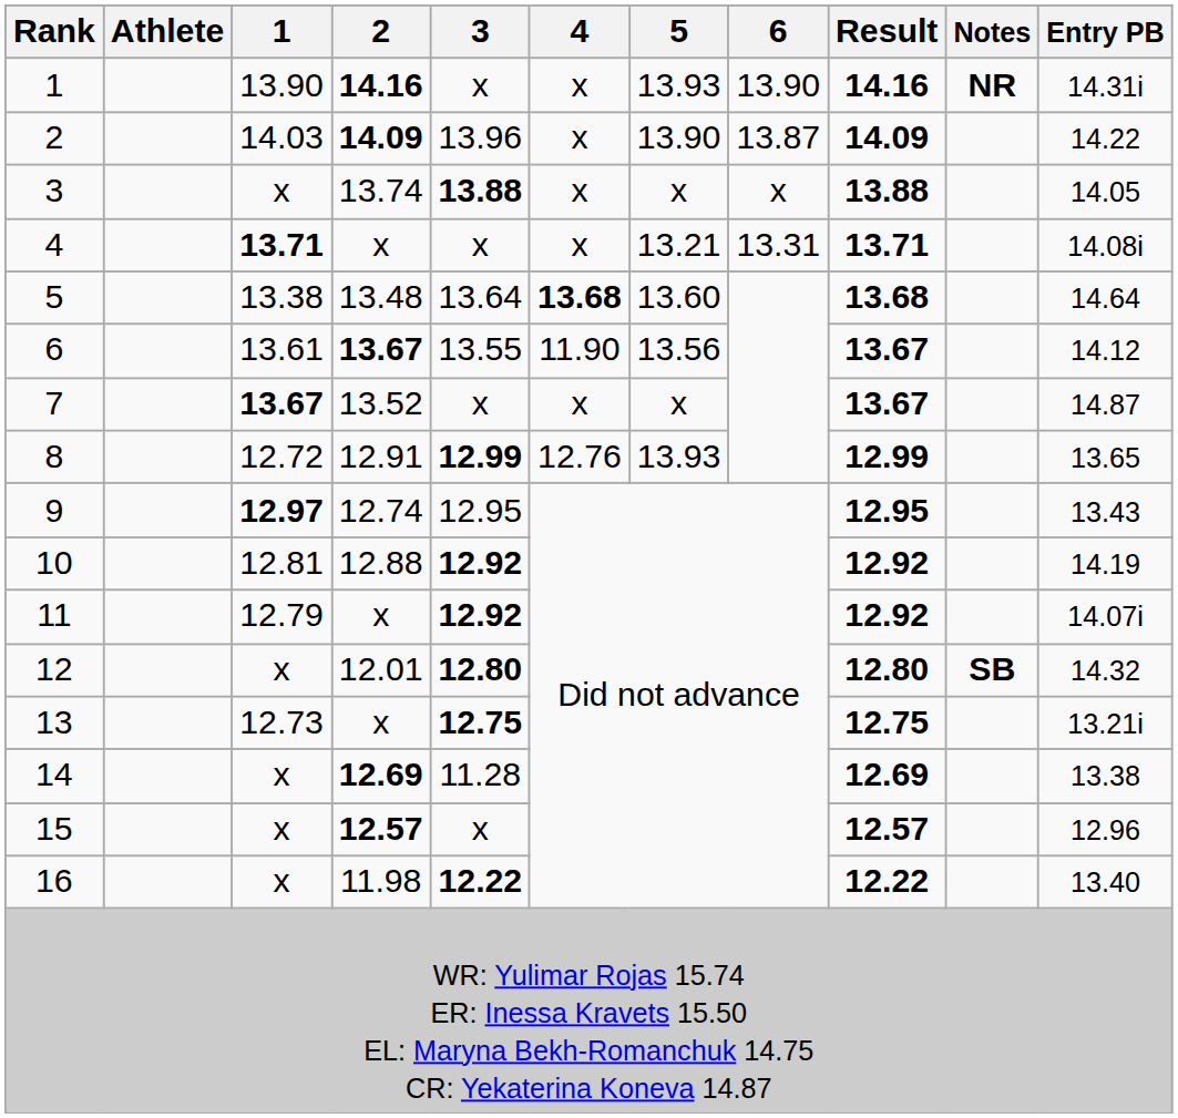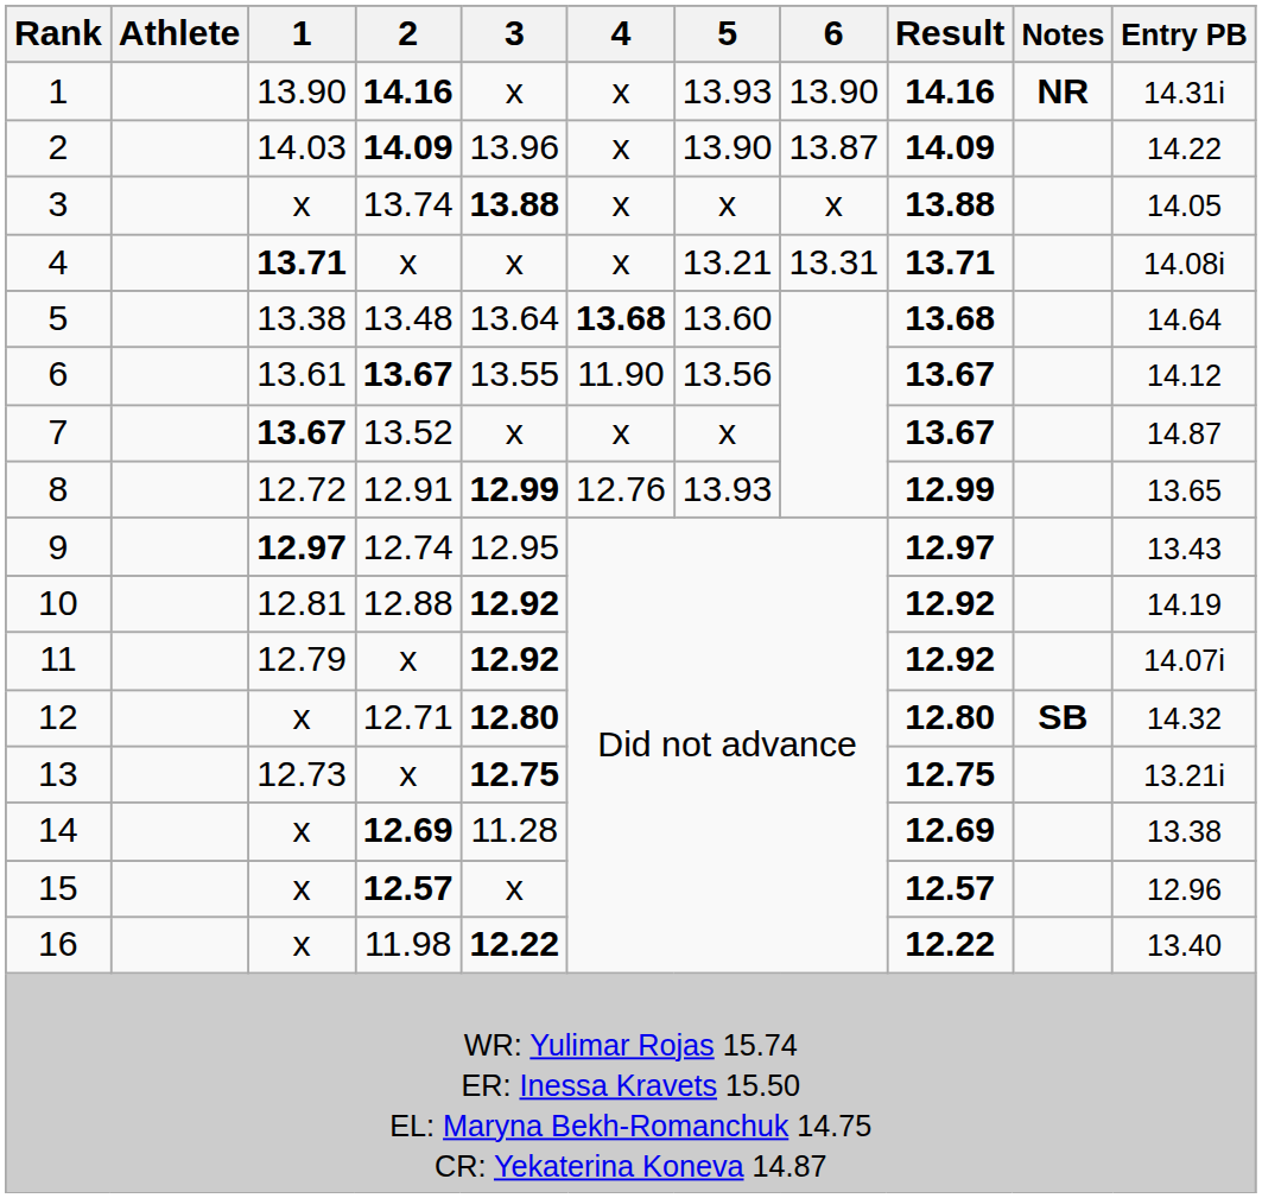 <table class="wikitable sortable" style="text-align:center;">
 <tr>
 <th>Rank</th>
 <th>Athlete</th>
 <th>1</th>
 <th>2</th>
 <th>3</th>
 <th>4</th>
 <th>5</th>
 <th>6</th>
 <th>Result</th>
 <th><small>Notes</small></th>
 <th><small>Entry PB</small></th>
 </tr>
 <tr>
 <td>1</td>
 <td align=left></td>
 <td>13.90</td>
 <td><strong>14.16</strong></td>
 <td>x</td>
 <td>x</td>
 <td>13.93</td>
 <td>13.90</td>
 <td><strong>14.16</strong></td>
 <td> <strong>NR</strong></td>
 <td><small>14.31i</small></td>
 </tr>
 <tr>
 <td>2</td>
 <td align=left></td>
 <td>14.03</td>
 <td><strong>14.09</strong></td>
 <td>13.96</td>
 <td>x</td>
 <td>13.90</td>
 <td>13.87</td>
 <td><strong>14.09</strong></td>
 <td></td>
 <td><small>14.22</small></td>
 </tr>
 <tr>
 <td>3</td>
 <td align=left></td>
 <td>x</td>
 <td>13.74</td>
 <td><strong>13.88</strong></td>
 <td>x</td>
 <td>x</td>
 <td>x</td>
 <td><strong>13.88</strong></td>
 <td></td>
 <td><small>14.05</small></td>
 </tr>
 <tr>
 <td>4</td>
 <td align=left></td>
 <td><strong>13.71</strong></td>
 <td>x</td>
 <td>x</td>
 <td>x</td>
 <td>13.21</td>
 <td>13.31</td>
 <td><strong>13.71</strong></td>
 <td></td>
 <td><small>14.08i</small></td>
 </tr>
 <tr>
 <td>5</td>
 <td align=left></td>
 <td>13.38</td>
 <td>13.48</td>
 <td>13.64</td>
 <td><strong>13.68</strong></td>
 <td>13.60</td>
 <td rowspan=4></td>
 <td><strong>13.68</strong></td>
 <td></td>
 <td><small>14.64</small></td>
 </tr>
 <tr>
 <td>6</td>
 <td align=left></td>
 <td>13.61</td>
 <td><strong>13.67</strong></td>
 <td>13.55</td>
 <td>11.90</td>
 <td>13.56</td>
 <td><strong>13.67</strong></td>
 <td></td>
 <td><small>14.12</small></td>
 </tr>
 <tr>
 <td>7</td>
 <td align=left></td>
 <td><strong>13.67</strong></td>
 <td>13.52</td>
 <td>x</td>
 <td>x</td>
 <td>x</td>
 <td><strong>13.67</strong></td>
 <td></td>
 <td><small>14.87</small></td>
 </tr>
 <tr>
 <td>8</td>
 <td align=left></td>
 <td>12.72</td>
 <td>12.91</td>
 <td><strong>12.99</strong></td>
 <td>12.76</td>
 <td>13.93</td>
 <td><strong>12.99</strong></td>
 <td></td>
 <td><small>13.65</small></td>
 </tr>
 <tr>
 <td>9</td>
 <td align=left></td>
 <td><strong>12.97</strong></td>
 <td>12.74</td>
 <td>12.95</td>
 <td rowspan=8 colspan=3>Did not advance</td>
-<td><strong>12.95</strong></td>
+<td><strong>12.97</strong></td>
 <td></td>
 <td><small>13.43</small></td>
 </tr>
 <tr>
 <td>10</td>
 <td align=left></td>
 <td>12.81</td>
 <td>12.88</td>
 <td><strong>12.92</strong></td>
 <td><strong>12.92</strong></td>
 <td></td>
 <td><small>14.19</small></td>
 </tr>
 <tr>
 <td>11</td>
 <td align=left></td>
 <td>12.79</td>
 <td>x</td>
 <td><strong>12.92</strong></td>
 <td><strong>12.92</strong></td>
 <td></td>
 <td><small>14.07i</small></td>
 </tr>
 <tr>
 <td>12</td>
 <td align=left></td>
 <td>x</td>
-<td>12.01</td>
+<td>12.71</td>
 <td><strong>12.80</strong></td>
 <td><strong>12.80</strong></td>
 <td><strong>SB</strong></td>
 <td><small>14.32</small></td>
 </tr>
 <tr>
 <td>13</td>
 <td align=left></td>
 <td>12.73</td>
 <td>x</td>
 <td><strong>12.75</strong></td>
 <td><strong>12.75</strong></td>
 <td></td>
 <td><small>13.21i</small></td>
 </tr>
 <tr>
 <td>14</td>
 <td align=left></td>
 <td>x</td>
 <td><strong>12.69</strong></td>
 <td>11.28</td>
 <td><strong>12.69</strong></td>
 <td></td>
 <td><small>13.38</small></td>
 </tr>
 <tr>
 <td>15</td>
 <td align=left></td>
 <td>x</td>
 <td><strong>12.57</strong></td>
 <td>x</td>
 <td><strong>12.57</strong></td>
 <td></td>
 <td><small>12.96</small></td>
 </tr>
 <tr>
 <td>16</td>
 <td align=left></td>
 <td>x</td>
 <td>11.98</td>
 <td><strong>12.22</strong></td>
 <td><strong>12.22</strong></td>
 <td></td>
 <td><small>13.40</small></td>
 </tr>
 <tr>
 <td colspan="11" bgcolor="#cccccc"><br> <small>WR:  <a href='#'>Yulimar Rojas</a> 15.74<br>ER:  <a href='#'>Inessa Kravets</a> 15.50<br></small> <small>EL:   <a href='#'>Maryna Bekh-Romanchuk</a> 14.75<br>CR:  <a href='#'>Yekaterina Koneva</a> 14.87</small></td>
 </tr>
 </table>
